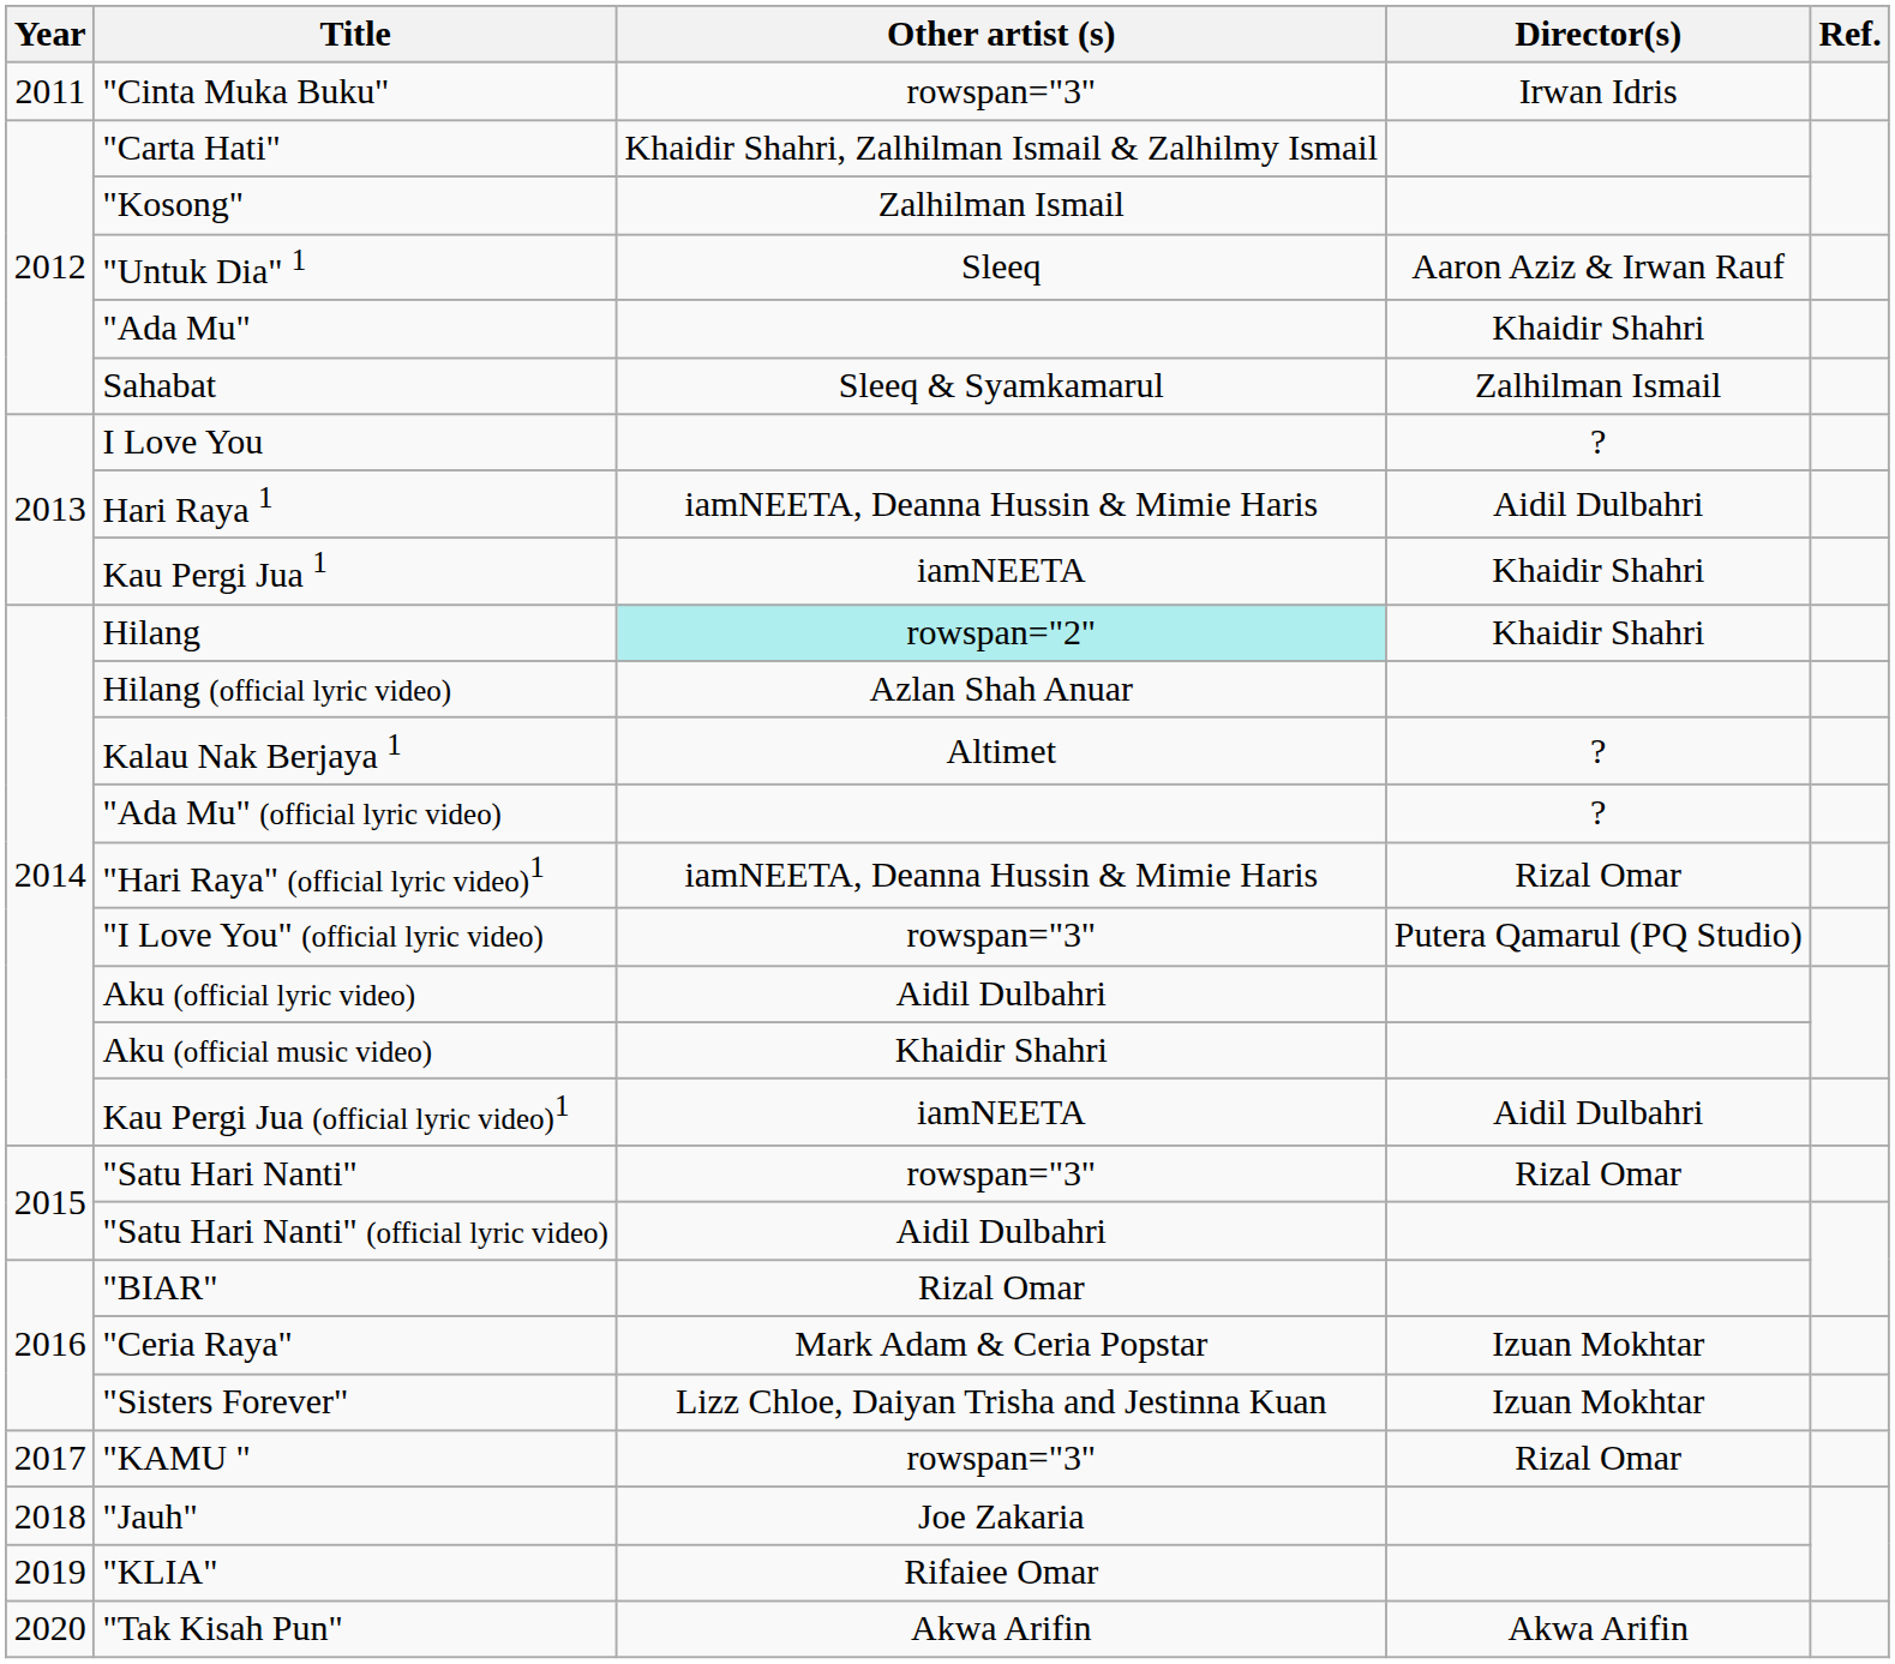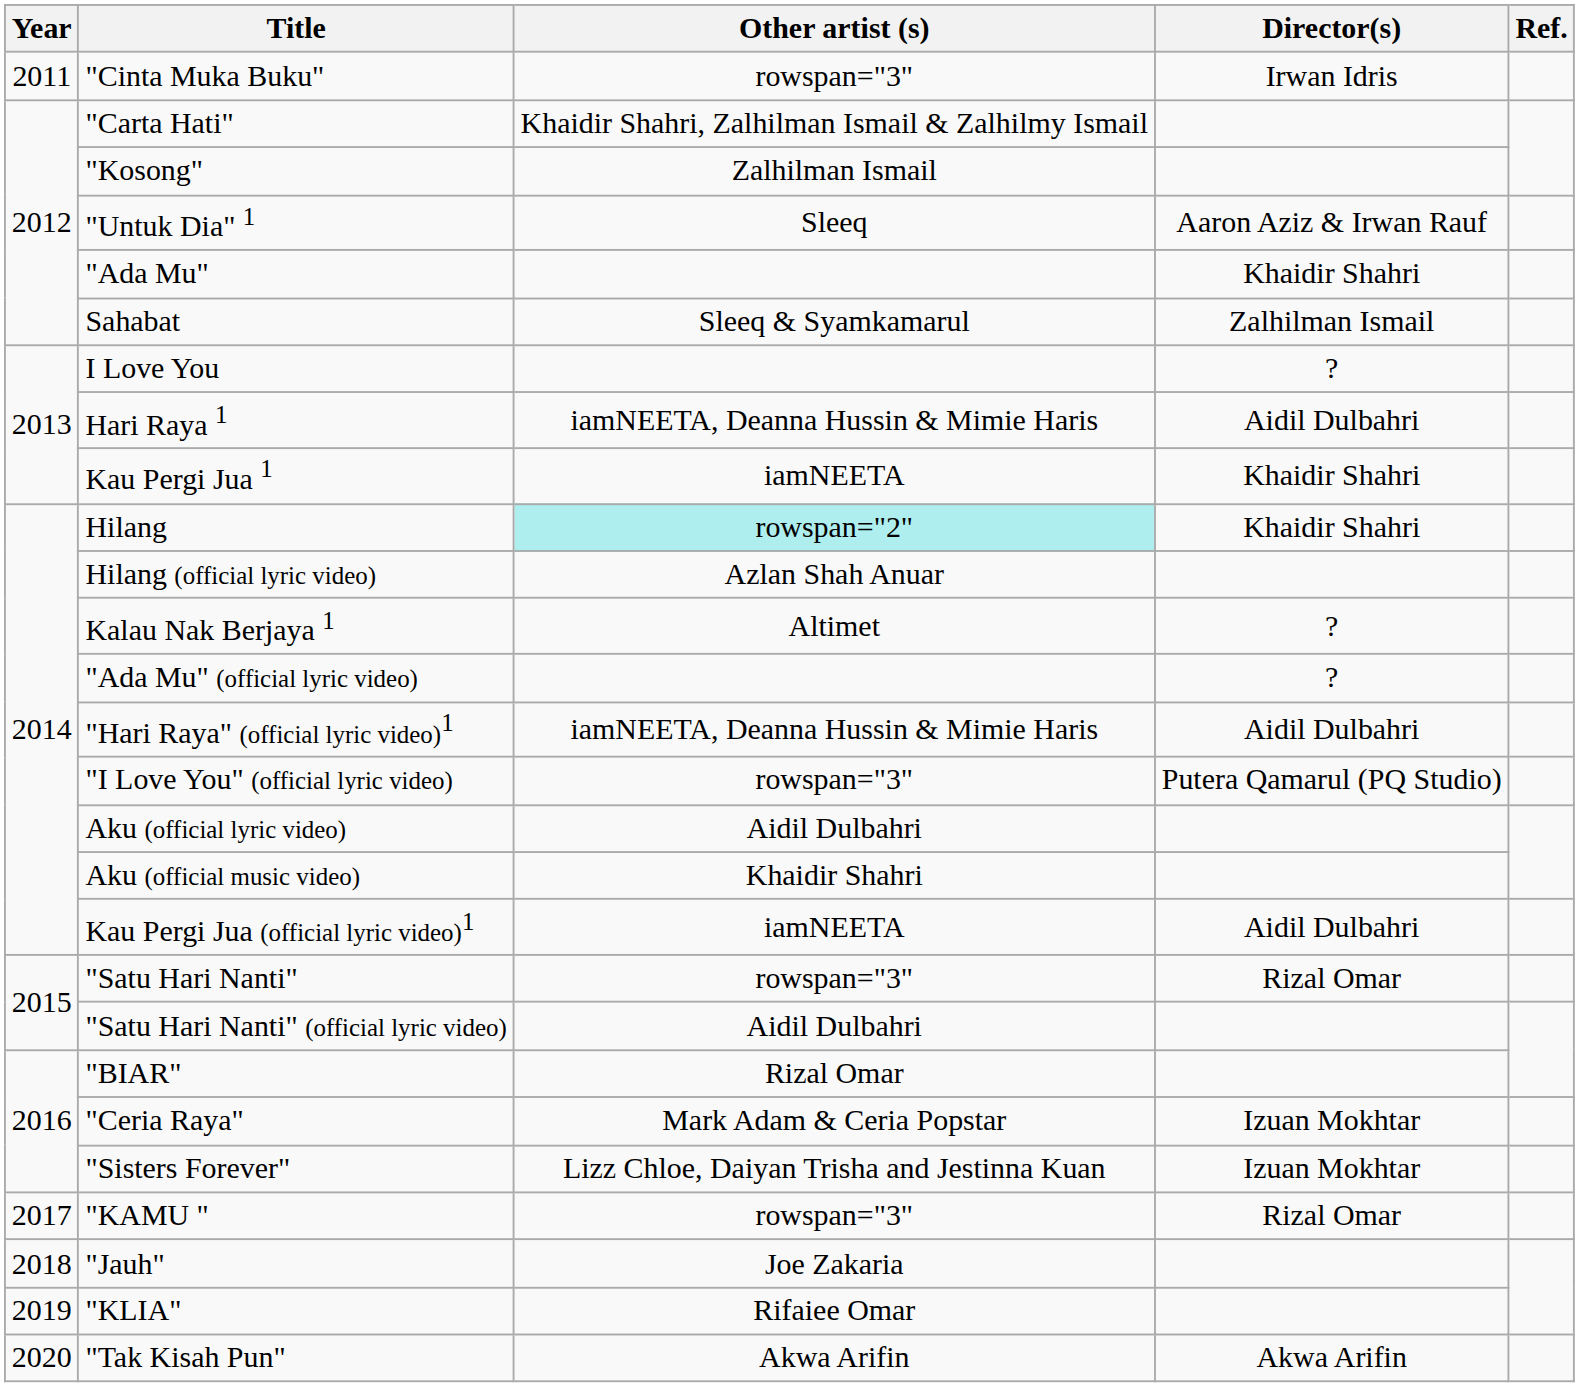 <table class="wikitable plainrowheaders" style="text-align:center">
 <tr>
 <th scope="col">Year</th>
 <th scope="col">Title</th>
 <th scope="col">Other artist (s)</th>
 <th scope="col">Director(s)</th>
 <th scope="col">Ref.</th>
 </tr>
 <tr>
 <td rowspan="1">2011</td>
 <td align="left">"Cinta Muka Buku"</td>
 <td>rowspan="3" </td>
 <td>Irwan Idris</td>
 <td></td>
 </tr>
 <tr>
 <td rowspan="5">2012</td>
 <td align="left">"Carta Hati"</td>
 <td>Khaidir Shahri, Zalhilman Ismail & Zalhilmy Ismail</td>
 <td></td>
 </tr>
 <tr>
 <td align="left">"Kosong"</td>
 <td>Zalhilman Ismail</td>
 <td></td>
 </tr>
 <tr>
 <td align="left">"Untuk Dia" <sup>1</sup></td>
 <td>Sleeq</td>
 <td>Aaron Aziz & Irwan Rauf</td>
 <td></td>
 </tr>
 <tr>
 <td align="left">"Ada Mu"</td>
 <td></td>
 <td>Khaidir Shahri</td>
 <td></td>
 </tr>
 <tr>
 <td align="left">Sahabat</td>
 <td>Sleeq & Syamkamarul</td>
 <td>Zalhilman Ismail</td>
 <td></td>
 </tr>
 <tr>
 <td rowspan="3">2013</td>
 <td align="left">I Love You</td>
 <td></td>
 <td>?</td>
 <td></td>
 </tr>
 <tr>
 <td align="left">Hari Raya <sup>1</sup></td>
 <td>iamNEETA, Deanna Hussin & Mimie Haris</td>
 <td>Aidil Dulbahri</td>
 <td></td>
 </tr>
 <tr>
 <td align="left">Kau Pergi Jua <sup>1</sup></td>
 <td>iamNEETA</td>
 <td>Khaidir Shahri</td>
 <td></td>
 </tr>
 <tr>
 <td rowspan="9">2014</td>
 <td align="left">Hilang</td>
 <td style="background: paleturquoise;">rowspan="2" </td>
 <td>Khaidir Shahri</td>
 <td></td>
 </tr>
 <tr>
 <td align="left">Hilang <small>(official lyric video)</small></td>
 <td>Azlan Shah Anuar</td>
 <td></td>
 </tr>
 <tr>
 <td align="left">Kalau Nak Berjaya <sup>1</sup></td>
 <td>Altimet</td>
 <td>?</td>
 <td></td>
 </tr>
 <tr>
 <td align="left">"Ada Mu" <small>(official lyric video)</small></td>
 <td></td>
 <td>?</td>
 <td></td>
 </tr>
 <tr>
 <td align="left">"Hari Raya" <small>(official lyric video)</small><sup>1</sup></td>
 <td>iamNEETA, Deanna Hussin & Mimie Haris</td>
-<td>Rizal Omar</td>
+<td>Aidil Dulbahri</td>
 <td></td>
 </tr>
 <tr>
 <td align="left">"I Love You" <small>(official lyric video)</small></td>
 <td>rowspan="3" </td>
 <td>Putera Qamarul (PQ Studio)</td>
 <td></td>
 </tr>
 <tr>
 <td align="left">Aku <small>(official lyric video)</small></td>
 <td>Aidil Dulbahri</td>
 <td></td>
 </tr>
 <tr>
 <td align="left">Aku <small>(official music video)</small></td>
 <td>Khaidir Shahri</td>
 <td></td>
 </tr>
 <tr>
 <td align="left">Kau Pergi Jua <small>(official lyric video)</small><sup>1</sup></td>
 <td>iamNEETA</td>
 <td>Aidil Dulbahri</td>
 <td></td>
 </tr>
 <tr>
 <td rowspan="2">2015</td>
 <td align="left">"Satu Hari Nanti"</td>
 <td>rowspan="3" </td>
 <td>Rizal Omar</td>
 <td></td>
 </tr>
 <tr>
 <td align="left">"Satu Hari Nanti" <small>(official lyric video)</small></td>
 <td>Aidil Dulbahri</td>
 <td></td>
 </tr>
 <tr>
 <td rowspan="3">2016</td>
 <td align="left">"BIAR"</td>
 <td>Rizal Omar</td>
 <td></td>
 </tr>
 <tr>
 <td align="left">"Ceria Raya"</td>
 <td>Mark Adam & Ceria Popstar</td>
 <td>Izuan Mokhtar</td>
 <td></td>
 </tr>
 <tr>
 <td align="left">"Sisters Forever"</td>
 <td>Lizz Chloe, Daiyan Trisha and Jestinna Kuan</td>
 <td>Izuan Mokhtar</td>
 <td></td>
 </tr>
 <tr>
 <td rowspan="1">2017</td>
 <td align="left">"KAMU "</td>
 <td>rowspan="3" </td>
 <td>Rizal Omar</td>
 <td></td>
 </tr>
 <tr>
 <td rowspan="1">2018</td>
 <td align="left">"Jauh"</td>
 <td>Joe Zakaria</td>
 <td></td>
 </tr>
 <tr>
 <td rowspan="1">2019</td>
 <td align="left">"KLIA"</td>
 <td>Rifaiee Omar</td>
 <td></td>
 </tr>
 <tr>
 <td rowspan="1">2020</td>
 <td align="left">"Tak Kisah Pun"</td>
 <td>Akwa Arifin</td>
 <td>Akwa Arifin</td>
 <td></td>
 </tr>
 </table>
